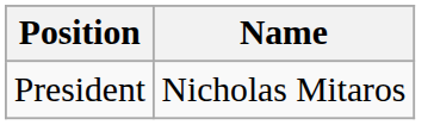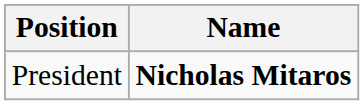 <table class="wikitable">
 <tr>
 <th>Position</th>
 <th>Name</th>
 </tr>
 <tr>
 <td>President</td>
-<td>Nicholas Mitaros</td>
+<td><strong>Nicholas Mitaros</strong></td>
 </tr>
 </table>
